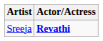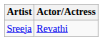 <table class="wikitable plainrowheaders sortable">
 <tr>
 <th>Artist</th>
 <th>Actor/Actress</th>
 </tr>
 <tr>
 <td><a href='#'>Sreeja</a></td>
-<td><strong><a href='#'>Revathi</a></strong></td>
+<td><a href='#'>Revathi</a></td>
 </tr>
 </table>
